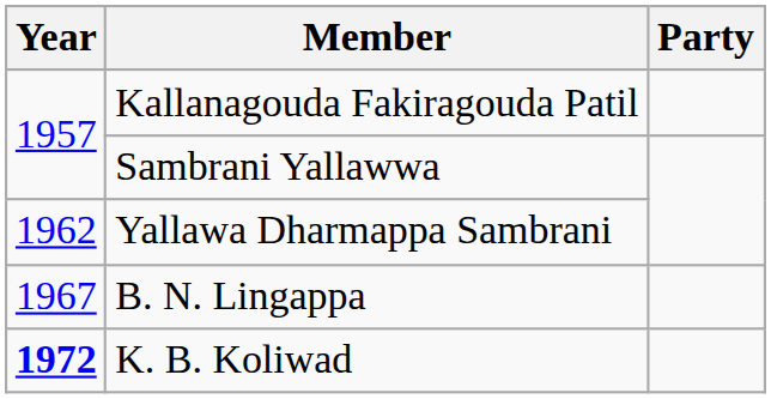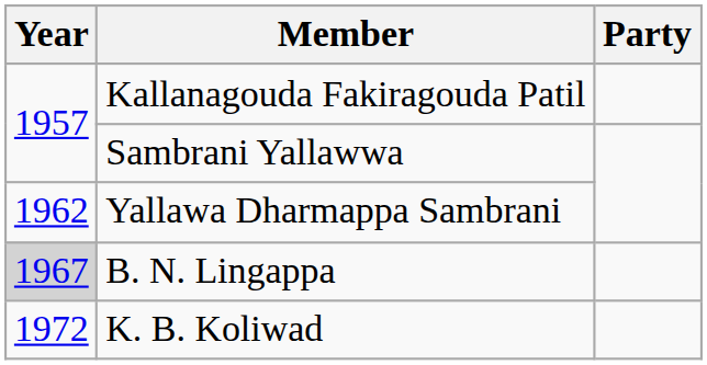 <table class="wikitable sortable">
 <tr>
 <th>Year</th>
 <th>Member</th>
 <th colspan="2">Party</th>
 </tr>
 <tr>
 <td rowspan="2"><a href='#'>1957</a></td>
 <td>Kallanagouda Fakiragouda Patil</td>
 <td></td>
 </tr>
 <tr>
 <td>Sambrani Yallawwa</td>
 </tr>
 <tr>
 <td><a href='#'>1962</a></td>
 <td>Yallawa Dharmappa Sambrani</td>
 </tr>
 <tr>
-<td><a href='#'>1967</a></td>
+<td style="background: lightgrey;"><a href='#'>1967</a></td>
 <td>B. N. Lingappa</td>
 <td></td>
 </tr>
 <tr>
-<td><strong><a href='#'>1972</a></strong></td>
+<td><a href='#'>1972</a></td>
 <td>K. B. Koliwad</td>
 <td></td>
 </tr>
 </table>
